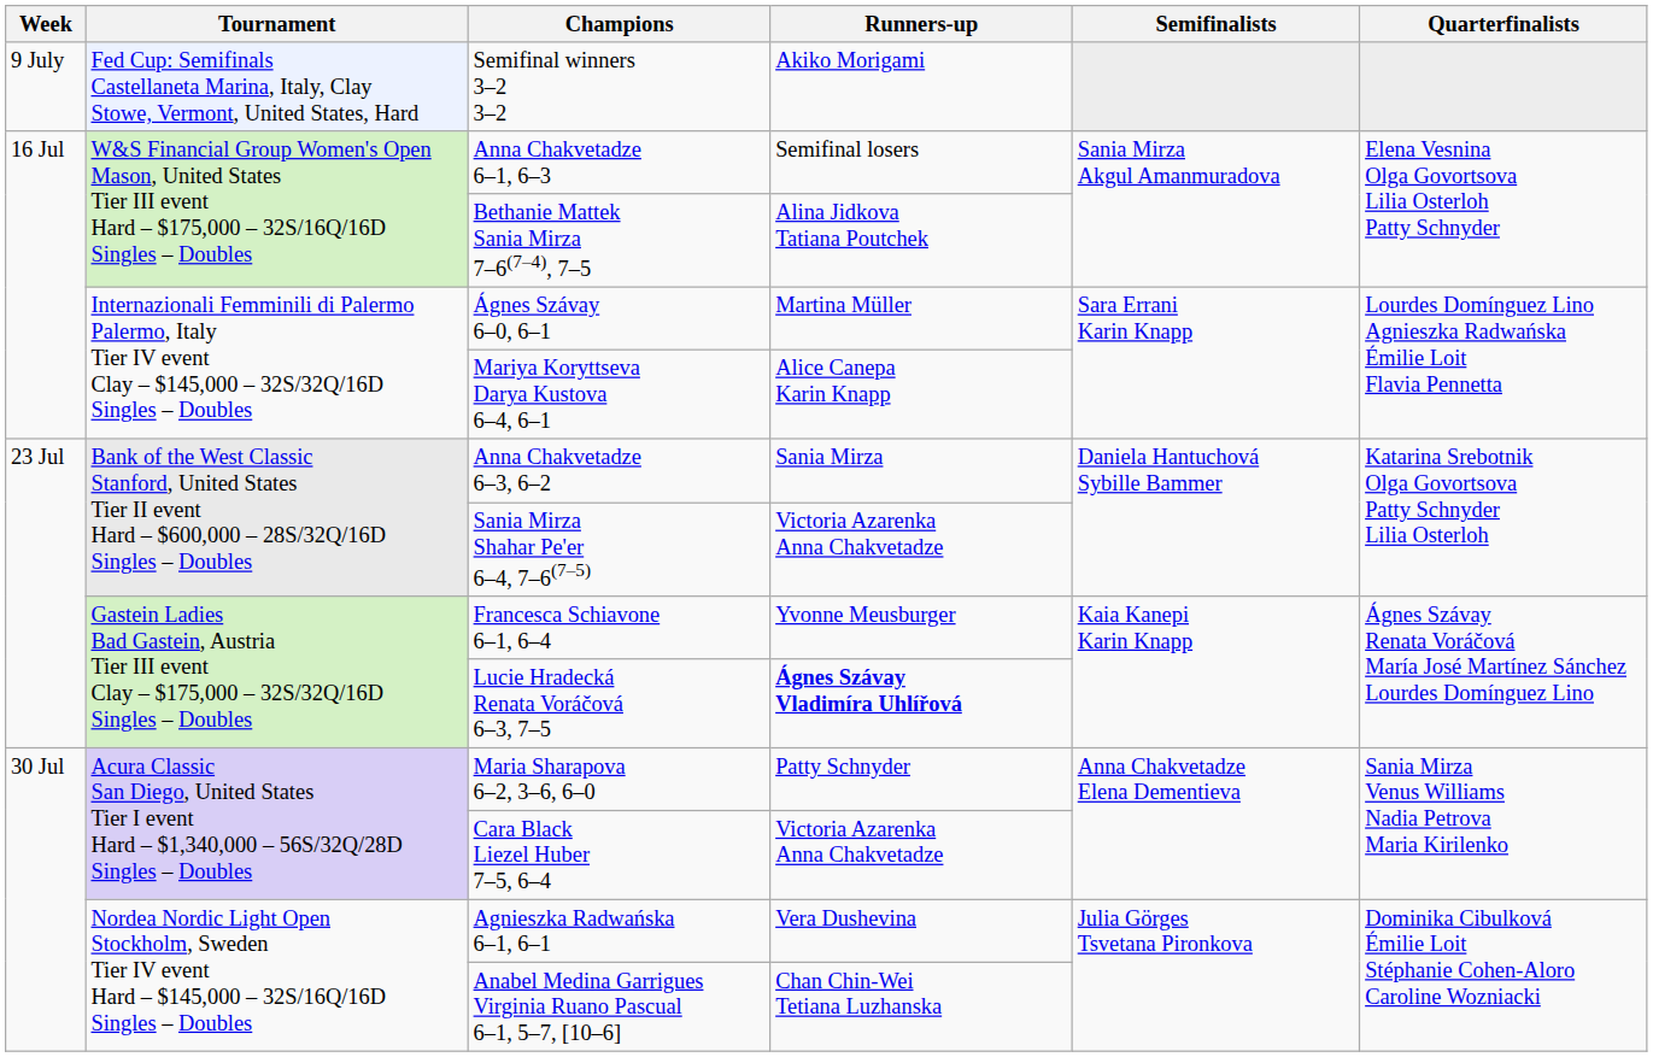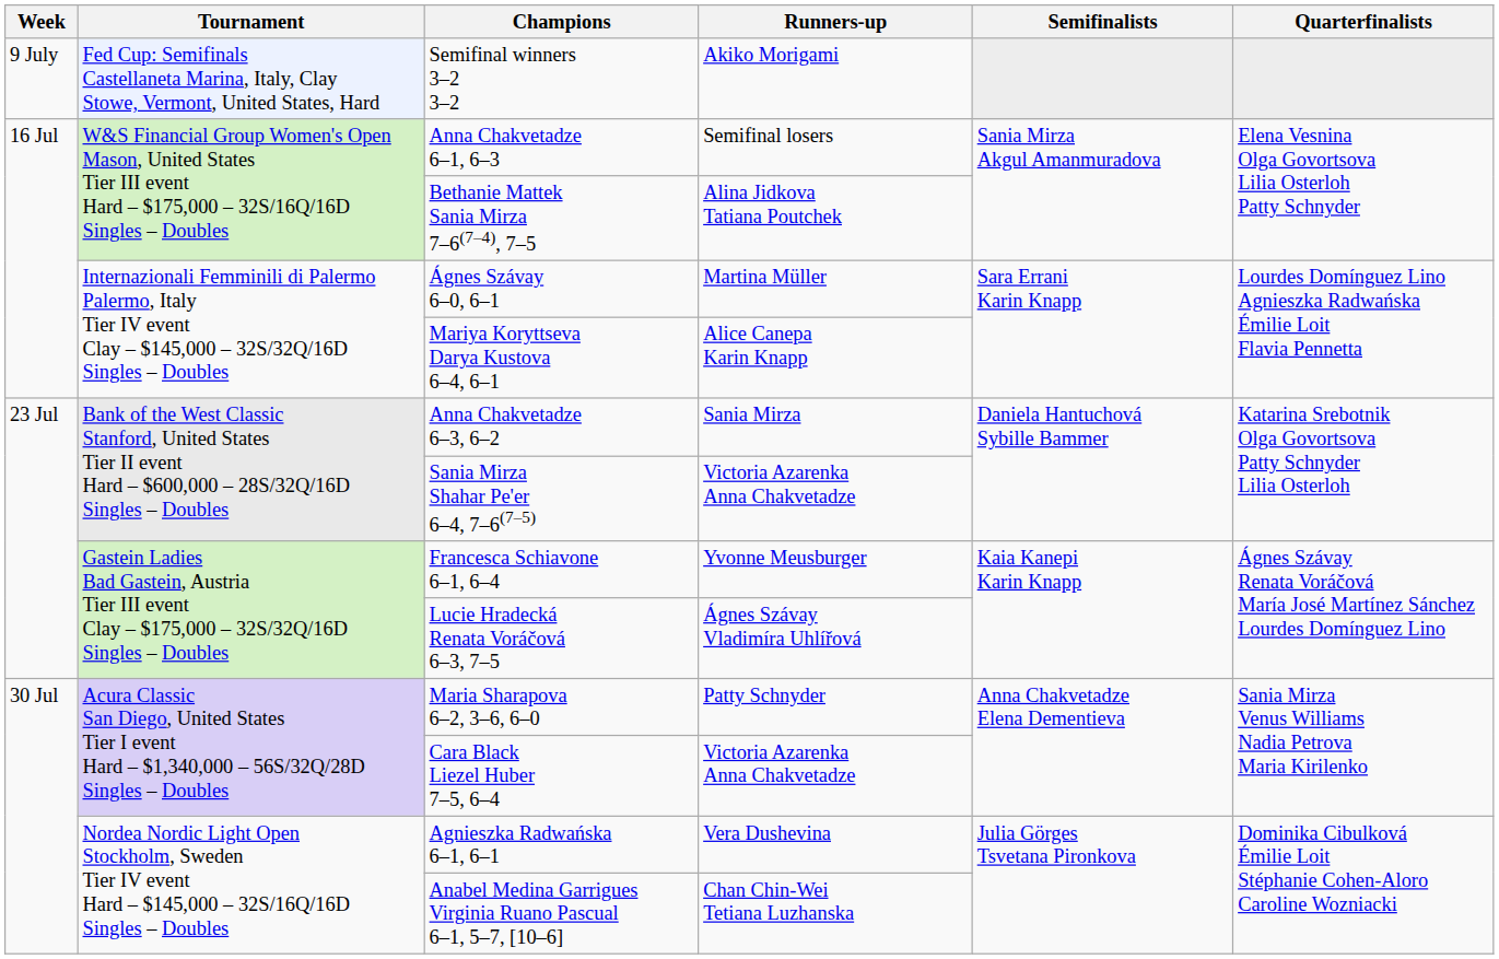 <table class=wikitable style=font-size:95%>
 <tr>
 <th style="width:48px;">Week</th>
 <th style="width:255px;">Tournament</th>
 <th style="width:200px;">Champions</th>
 <th style="width:200px;">Runners-up</th>
 <th style="width:190px;">Semifinalists</th>
 <th style="width:190px;">Quarterfinalists</th>
 </tr>
 <tr valign=top>
 <td>9 July</td>
 <td bgcolor="#ECF2FF"><a href='#'>Fed Cup: Semifinals</a><br> <a href='#'>Castellaneta Marina</a>, Italy, Clay<br> <a href='#'>Stowe, Vermont</a>, United States, Hard <br></td>
 <td>Semifinal winners<br> 3–2<br> 3–2</td>
 <td> <a href='#'>Akiko Morigami</a></td>
 <td bgcolor="#ededed"></td>
 <td bgcolor="#ededed"></td>
 </tr>
 <tr valign="top">
 <td rowspan=4>16 Jul</td>
 <td rowspan=2 bgcolor="#d4f1c5"><a href='#'>W&S Financial Group Women's Open</a><br> <a href='#'>Mason</a>, United States <br>Tier III event<br>Hard – $175,000 – 32S/16Q/16D<br><a href='#'>Singles</a> – <a href='#'>Doubles</a></td>
 <td> <a href='#'>Anna Chakvetadze</a>  <br>  6–1,  6–3</td>
 <td>Semifinal losers<br><br></td>
 <td rowspan=2> <a href='#'>Sania Mirza</a><br> <a href='#'>Akgul Amanmuradova</a></td>
 <td rowspan=2> <a href='#'>Elena Vesnina</a><br> <a href='#'>Olga Govortsova</a><br> <a href='#'>Lilia Osterloh</a><br> <a href='#'>Patty Schnyder</a></td>
 </tr>
 <tr valign="top">
 <td> <a href='#'>Bethanie Mattek</a> <br>  <a href='#'>Sania Mirza</a> <br> 7–6<sup>(7–4)</sup>,  7–5</td>
 <td> <a href='#'>Alina Jidkova</a> <br>  <a href='#'>Tatiana Poutchek</a></td>
 </tr>
 <tr valign="top">
 <td rowspan=2><a href='#'>Internazionali Femminili di Palermo</a><br> <a href='#'>Palermo</a>, Italy <br>Tier IV event<br>Clay – $145,000 – 32S/32Q/16D<br><a href='#'>Singles</a> – <a href='#'>Doubles</a></td>
 <td> <a href='#'>Ágnes Szávay</a>  <br>  6–0,  6–1</td>
 <td> <a href='#'>Martina Müller</a></td>
 <td rowspan=2> <a href='#'>Sara Errani</a><br> <a href='#'>Karin Knapp</a></td>
 <td rowspan=2> <a href='#'>Lourdes Domínguez Lino</a><br> <a href='#'>Agnieszka Radwańska</a><br> <a href='#'>Émilie Loit</a><br> <a href='#'>Flavia Pennetta</a></td>
 </tr>
 <tr valign="top">
 <td> <a href='#'>Mariya Koryttseva</a> <br>  <a href='#'>Darya Kustova</a>  <br>  6–4,  6–1</td>
 <td> <a href='#'>Alice Canepa</a> <br>  <a href='#'>Karin Knapp</a></td>
 </tr>
 <tr valign="top">
 <td rowspan=4>23 Jul</td>
 <td rowspan=2 bgcolor="#e9e9e9"><a href='#'>Bank of the West Classic</a><br> <a href='#'>Stanford</a>, United States<br>Tier II event<br>Hard – $600,000 – 28S/32Q/16D<br><a href='#'>Singles</a> – <a href='#'>Doubles</a></td>
 <td> <a href='#'>Anna Chakvetadze</a>  <br>  6–3,  6–2</td>
 <td> <a href='#'>Sania Mirza</a></td>
 <td rowspan=2> <a href='#'>Daniela Hantuchová</a><br> <a href='#'>Sybille Bammer</a></td>
 <td rowspan=2> <a href='#'>Katarina Srebotnik</a><br> <a href='#'>Olga Govortsova</a><br> <a href='#'>Patty Schnyder</a><br> <a href='#'>Lilia Osterloh</a></td>
 </tr>
 <tr valign="top">
 <td> <a href='#'>Sania Mirza</a> <br>  <a href='#'>Shahar Pe'er</a> <br> 6–4,  7–6<sup>(7–5)</sup></td>
 <td> <a href='#'>Victoria Azarenka</a> <br>  <a href='#'>Anna Chakvetadze</a></td>
 </tr>
 <tr valign="top">
 <td rowspan=2 bgcolor="#d4f1c5"><a href='#'>Gastein Ladies</a><br> <a href='#'>Bad Gastein</a>, Austria <br>Tier III event<br>Clay – $175,000 – 32S/32Q/16D<br><a href='#'>Singles</a> – <a href='#'>Doubles</a></td>
 <td> <a href='#'>Francesca Schiavone</a> <br>  6–1,  6–4</td>
 <td> <a href='#'>Yvonne Meusburger</a></td>
 <td rowspan=2> <a href='#'>Kaia Kanepi</a><br> <a href='#'>Karin Knapp</a></td>
 <td rowspan=2> <a href='#'>Ágnes Szávay</a><br> <a href='#'>Renata Voráčová</a><br> <a href='#'>María José Martínez Sánchez</a><br> <a href='#'>Lourdes Domínguez Lino</a></td>
 </tr>
 <tr valign="top">
 <td> <a href='#'>Lucie Hradecká</a> <br>  <a href='#'>Renata Voráčová</a> <br> 6–3,  7–5</td>
-<td><strong> <a href='#'>Ágnes Szávay</a> <br>  <a href='#'>Vladimíra Uhlířová</a></strong></td>
+<td> <a href='#'>Ágnes Szávay</a> <br>  <a href='#'>Vladimíra Uhlířová</a></td>
 </tr>
 <tr valign="top">
 <td rowspan=4>30 Jul</td>
 <td rowspan=2 bgcolor="#d8cef6"><a href='#'>Acura Classic</a><br> <a href='#'>San Diego</a>, United States <br>Tier I event<br>Hard – $1,340,000 – 56S/32Q/28D<br><a href='#'>Singles</a> – <a href='#'>Doubles</a></td>
 <td> <a href='#'>Maria Sharapova</a> <br> 6–2,  3–6,  6–0</td>
 <td> <a href='#'>Patty Schnyder</a></td>
 <td rowspan=2> <a href='#'>Anna Chakvetadze</a><br> <a href='#'>Elena Dementieva</a></td>
 <td rowspan=2> <a href='#'>Sania Mirza</a><br> <a href='#'>Venus Williams</a><br> <a href='#'>Nadia Petrova</a><br> <a href='#'>Maria Kirilenko</a></td>
 </tr>
 <tr valign="top">
 <td> <a href='#'>Cara Black</a> <br>  <a href='#'>Liezel Huber</a>  <br>  7–5,  6–4</td>
 <td> <a href='#'>Victoria Azarenka</a> <br>  <a href='#'>Anna Chakvetadze</a></td>
 </tr>
 <tr valign="top">
 <td rowspan=2><a href='#'>Nordea Nordic Light Open</a><br> <a href='#'>Stockholm</a>, Sweden <br>Tier IV event<br>Hard – $145,000 – 32S/16Q/16D<br><a href='#'>Singles</a> – <a href='#'>Doubles</a></td>
 <td> <a href='#'>Agnieszka Radwańska</a> <br> 6–1,  6–1</td>
 <td> <a href='#'>Vera Dushevina</a></td>
 <td rowspan=2> <a href='#'>Julia Görges</a><br> <a href='#'>Tsvetana Pironkova</a></td>
 <td rowspan=2> <a href='#'>Dominika Cibulková</a><br> <a href='#'>Émilie Loit</a><br> <a href='#'>Stéphanie Cohen-Aloro</a><br> <a href='#'>Caroline Wozniacki</a></td>
 </tr>
 <tr valign="top">
 <td> <a href='#'>Anabel Medina Garrigues</a> <br>  <a href='#'>Virginia Ruano Pascual</a> <br> 6–1,  5–7, [10–6]</td>
 <td> <a href='#'>Chan Chin-Wei</a> <br>  <a href='#'>Tetiana Luzhanska</a></td>
 </tr>
 </table>
